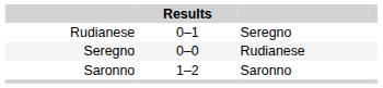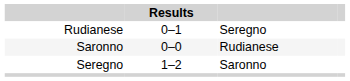 <table align=center style="font-size: 85%; border-collapse:collapse" border=0 cellspacing=0 cellpadding=2 width=60%>
 <tr bgcolor="D3D3D3">
 <th align=right></th>
 <th align=center>Results</th>
 <th align=left></th>
 <th align=center></th>
 </tr>
 <tr bgcolor=#FFFFFF>
 <td align=right>Rudianese</td>
 <td align=center>0–1</td>
 <td>Seregno</td>
 <td align=center></td>
 </tr>
 <tr bgcolor=#F5F5F5>
-<td align=right>Seregno</td>
+<td align=right>Saronno</td>
 <td align=center>0–0</td>
 <td>Rudianese</td>
 <td align=center></td>
 </tr>
 <tr bgcolor=#FFFFFF>
-<td align=right>Saronno</td>
+<td align=right>Seregno</td>
 <td align=center>1–2</td>
 <td>Saronno</td>
 <td align=center></td>
 </tr>
 <tr align=center style="background:#D3D3D3;">
 <td></td>
 <td></td>
 <td></td>
 <td></td>
 </tr>
 </table>
